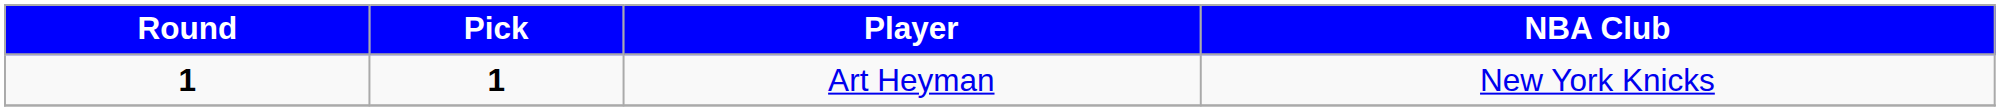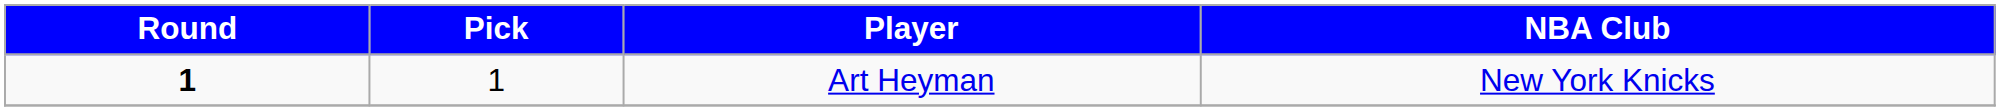 <table class="wikitable" width="80%">
 <tr align="center"  style="background:blue;color:#FFFFFF;">
 <td><strong>Round</strong></td>
 <td><strong>Pick</strong></td>
 <td><strong>Player</strong></td>
 <td><strong>NBA Club</strong></td>
 </tr>
 <tr align="center" bgcolor="">
 <td><strong>1</strong></td>
-<td><strong>1</strong></td>
+<td>1</td>
 <td><a href='#'>Art Heyman</a></td>
 <td><a href='#'>New York Knicks</a></td>
 </tr>
 <tr align="center" bgcolor="">
 </tr>
 </table>
